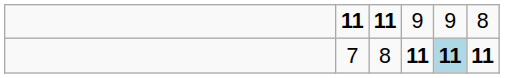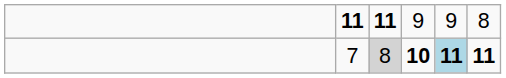 <table class="wikitable">
 <tr>
 <td style="width:15em"></td>
 <td align=center style="width:1em"><strong>11</strong></td>
 <td align=center style="width:1em"><strong>11</strong></td>
 <td align=center style="width:1em">9</td>
 <td align=center style="width:1em">9</td>
 <td align=center style="width:1em">8</td>
 </tr>
 <tr>
 <td style="width:15em"></td>
 <td align=center style="width:1em">7</td>
-<td align=center style="width:1em">8</td>
-<td align=center style="width:1em"><strong>11</strong></td>
+<td align=center style="background: lightgrey; width:1em">8</td>
+<td align=center style="width:1em"><strong>10</strong></td>
 <td align=center style="background: lightblue; width:1em"><strong>11</strong></td>
 <td align=center style="width:1em"><strong>11</strong></td>
 </tr>
 </table>
